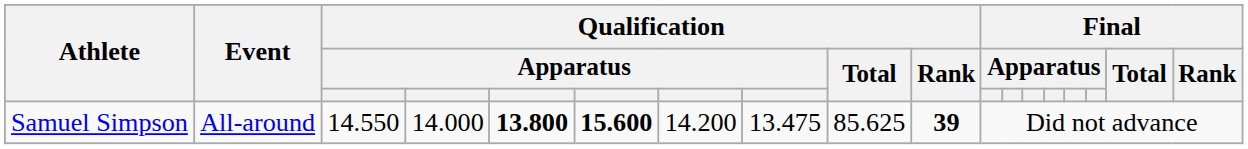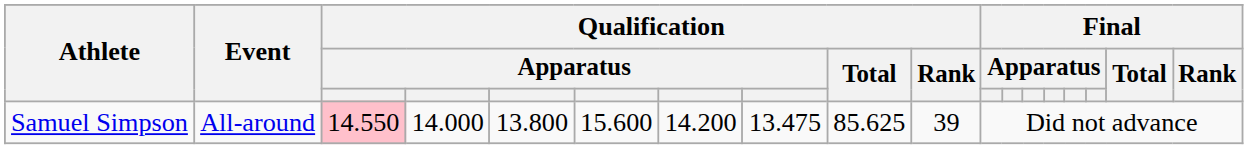 <table class="wikitable" style="font-size:90%">
 <tr>
 <th rowspan=3>Athlete</th>
 <th rowspan=3>Event</th>
 <th colspan =8>Qualification</th>
 <th colspan =8>Final</th>
 </tr>
 <tr style="font-size:95%">
 <th colspan=6>Apparatus</th>
 <th rowspan=2>Total</th>
 <th rowspan=2>Rank</th>
 <th colspan=6>Apparatus</th>
 <th rowspan=2>Total</th>
 <th rowspan=2>Rank</th>
 </tr>
 <tr style="font-size:95%">
 <th></th>
 <th></th>
 <th></th>
 <th></th>
 <th></th>
 <th></th>
 <th></th>
 <th></th>
 <th></th>
 <th></th>
 <th></th>
 <th></th>
 </tr>
 <tr align=center>
 <td align=left><a href='#'>Samuel Simpson</a></td>
 <td align=left><a href='#'>All-around</a></td>
-<td>14.550</td>
+<td style="background: pink;">14.550</td>
 <td>14.000</td>
-<td><strong>13.800</strong></td>
-<td><strong>15.600</strong></td>
+<td>13.800</td>
+<td>15.600</td>
 <td>14.200</td>
 <td>13.475</td>
 <td>85.625</td>
-<td><strong>39</strong></td>
+<td>39</td>
 <td colspan=8>Did not advance</td>
 </tr>
 </table>
